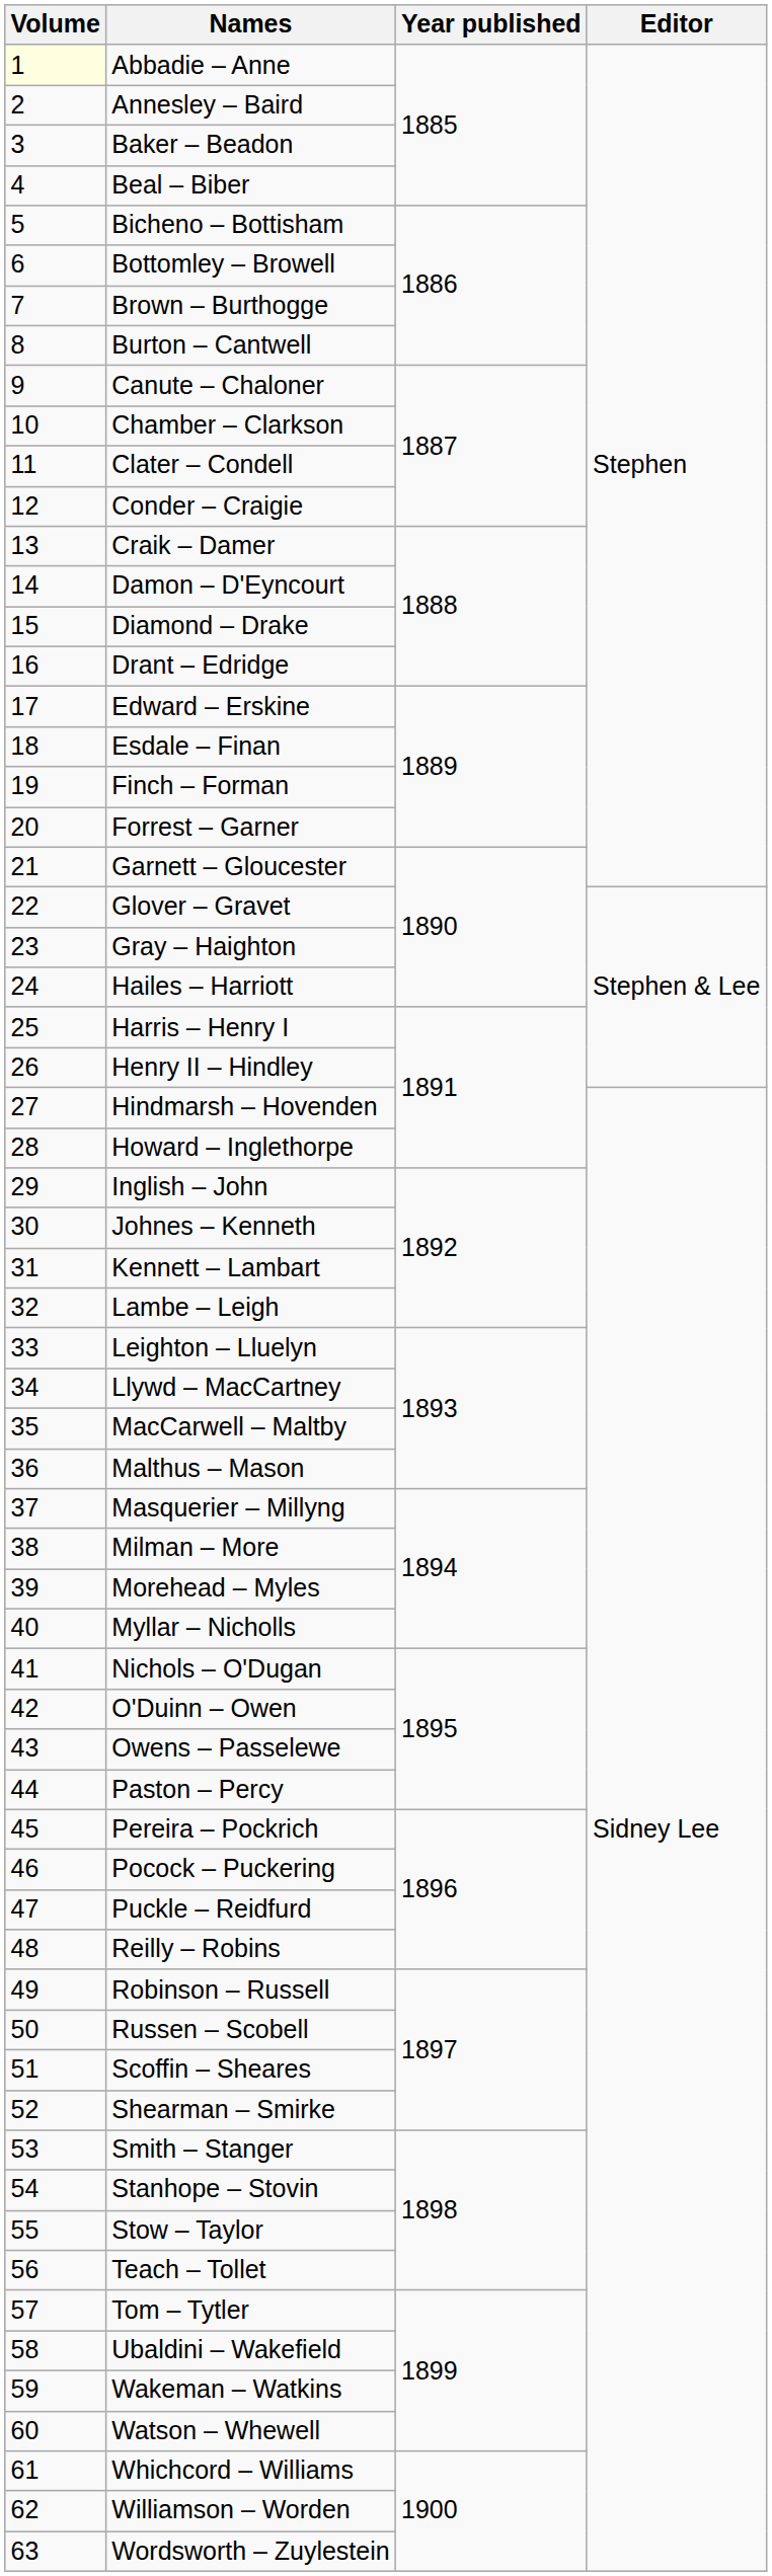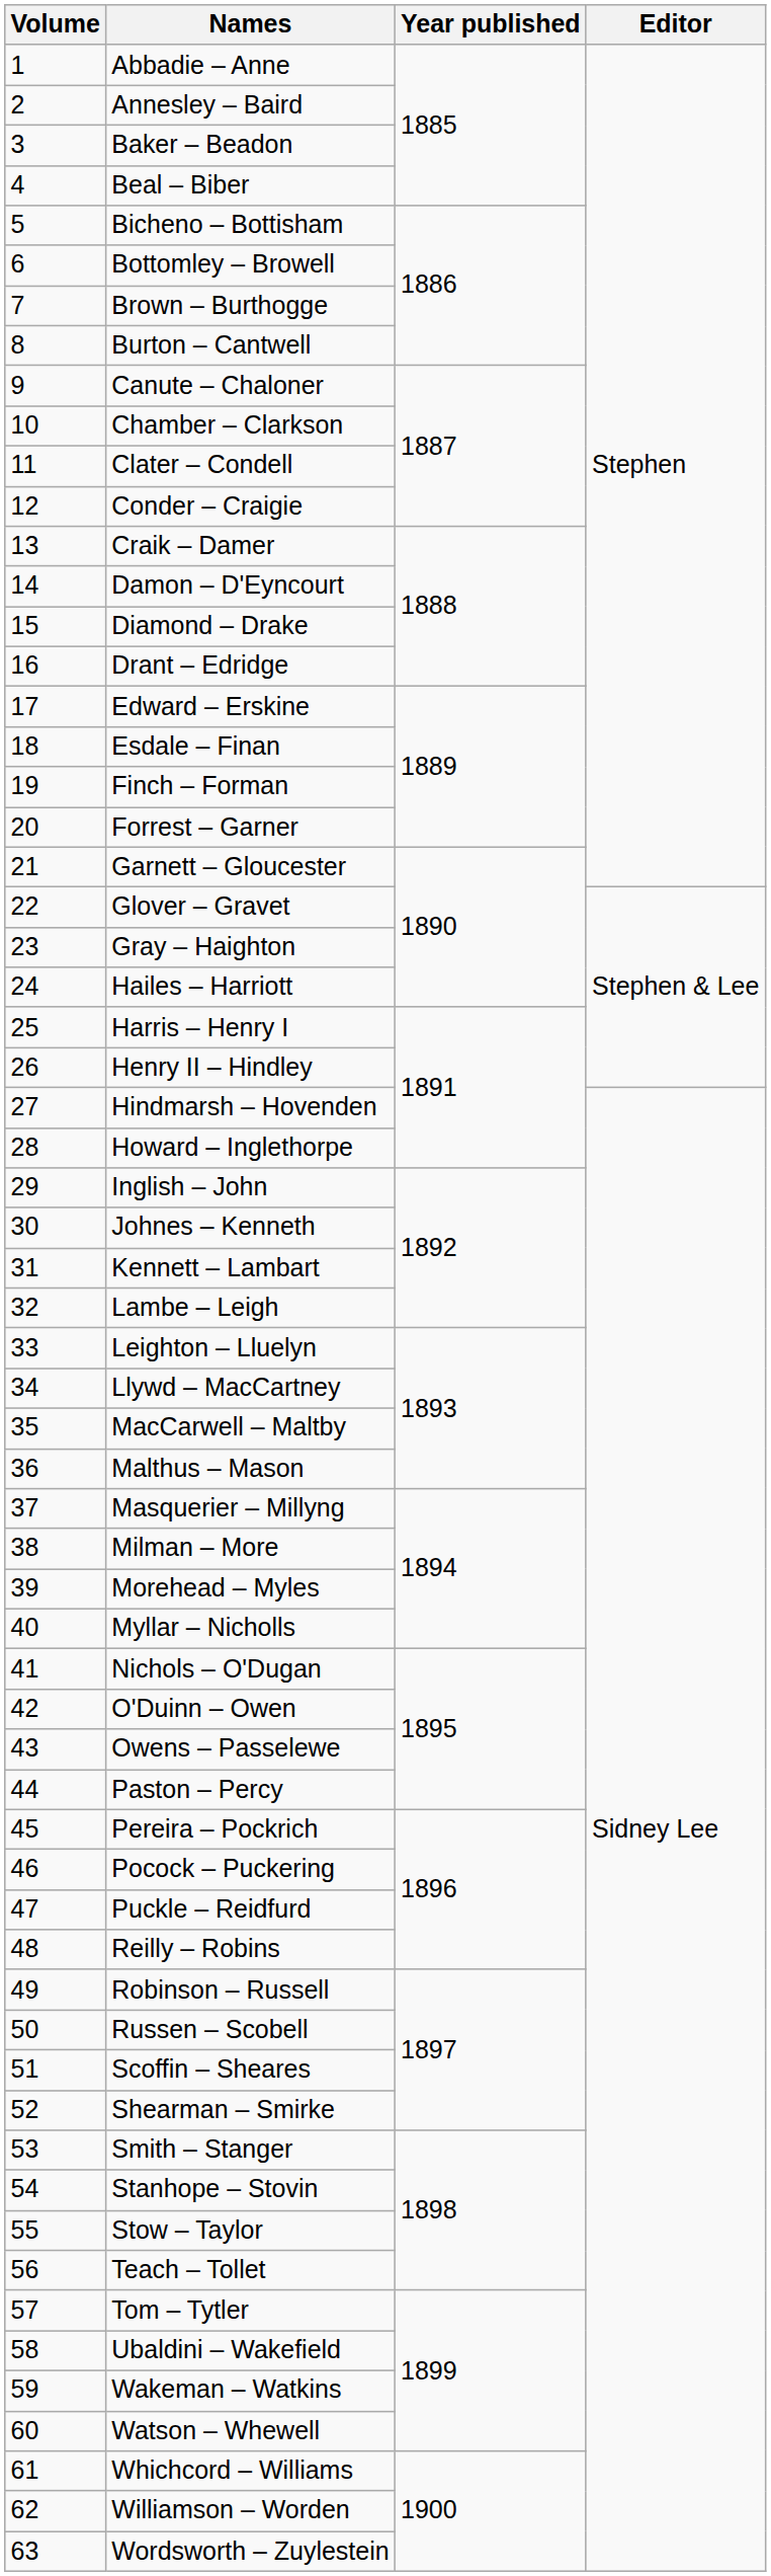 <table class="wikitable">
 <tr>
 <th>Volume</th>
 <th>Names</th>
 <th>Year published</th>
 <th>Editor</th>
 </tr>
 <tr>
-<td style="background: lightyellow;">1</td>
+<td>1</td>
 <td>Abbadie – Anne</td>
 <td rowspan="4">1885</td>
 <td rowspan="21">Stephen</td>
 </tr>
 <tr>
 <td>2</td>
 <td>Annesley – Baird</td>
 </tr>
 <tr>
 <td>3</td>
 <td>Baker – Beadon</td>
 </tr>
 <tr>
 <td>4</td>
 <td>Beal – Biber</td>
 </tr>
 <tr>
 <td>5</td>
 <td>Bicheno – Bottisham</td>
 <td rowspan="4">1886</td>
 </tr>
 <tr>
 <td>6</td>
 <td>Bottomley – Browell</td>
 </tr>
 <tr>
 <td>7</td>
 <td>Brown – Burthogge</td>
 </tr>
 <tr>
 <td>8</td>
 <td>Burton – Cantwell</td>
 </tr>
 <tr>
 <td>9</td>
 <td>Canute – Chaloner</td>
 <td rowspan="4">1887</td>
 </tr>
 <tr>
 <td>10</td>
 <td>Chamber – Clarkson</td>
 </tr>
 <tr>
 <td>11</td>
 <td>Clater – Condell</td>
 </tr>
 <tr>
 <td>12</td>
 <td>Conder – Craigie</td>
 </tr>
 <tr>
 <td>13</td>
 <td>Craik – Damer</td>
 <td rowspan="4">1888</td>
 </tr>
 <tr>
 <td>14</td>
 <td>Damon – D'Eyncourt</td>
 </tr>
 <tr>
 <td>15</td>
 <td>Diamond – Drake</td>
 </tr>
 <tr>
 <td>16</td>
 <td>Drant – Edridge</td>
 </tr>
 <tr>
 <td>17</td>
 <td>Edward – Erskine</td>
 <td rowspan="4">1889</td>
 </tr>
 <tr>
 <td>18</td>
 <td>Esdale – Finan</td>
 </tr>
 <tr>
 <td>19</td>
 <td>Finch – Forman</td>
 </tr>
 <tr>
 <td>20</td>
 <td>Forrest – Garner</td>
 </tr>
 <tr>
 <td>21</td>
 <td>Garnett – Gloucester</td>
 <td rowspan="4">1890</td>
 </tr>
 <tr>
 <td>22</td>
 <td>Glover – Gravet</td>
 <td rowspan="5">Stephen & Lee</td>
 </tr>
 <tr>
 <td>23</td>
 <td>Gray – Haighton</td>
 </tr>
 <tr>
 <td>24</td>
 <td>Hailes – Harriott</td>
 </tr>
 <tr>
 <td>25</td>
 <td>Harris – Henry I</td>
 <td rowspan="4">1891</td>
 </tr>
 <tr>
 <td>26</td>
 <td>Henry II – Hindley</td>
 </tr>
 <tr>
 <td>27</td>
 <td>Hindmarsh – Hovenden</td>
 <td rowspan="37">Sidney Lee</td>
 </tr>
 <tr>
 <td>28</td>
 <td>Howard – Inglethorpe</td>
 </tr>
 <tr>
 <td>29</td>
 <td>Inglish – John</td>
 <td rowspan="4">1892</td>
 </tr>
 <tr>
 <td>30</td>
 <td>Johnes – Kenneth</td>
 </tr>
 <tr>
 <td>31</td>
 <td>Kennett – Lambart</td>
 </tr>
 <tr>
 <td>32</td>
 <td>Lambe – Leigh</td>
 </tr>
 <tr>
 <td>33</td>
 <td>Leighton – Lluelyn</td>
 <td rowspan="4">1893</td>
 </tr>
 <tr>
 <td>34</td>
 <td>Llywd – MacCartney</td>
 </tr>
 <tr>
 <td>35</td>
 <td>MacCarwell – Maltby</td>
 </tr>
 <tr>
 <td>36</td>
 <td>Malthus – Mason</td>
 </tr>
 <tr>
 <td>37</td>
 <td>Masquerier – Millyng</td>
 <td rowspan="4">1894</td>
 </tr>
 <tr>
 <td>38</td>
 <td>Milman – More</td>
 </tr>
 <tr>
 <td>39</td>
 <td>Morehead – Myles</td>
 </tr>
 <tr>
 <td>40</td>
 <td>Myllar – Nicholls</td>
 </tr>
 <tr>
 <td>41</td>
 <td>Nichols – O'Dugan</td>
 <td rowspan="4">1895</td>
 </tr>
 <tr>
 <td>42</td>
 <td>O'Duinn – Owen</td>
 </tr>
 <tr>
 <td>43</td>
 <td>Owens – Passelewe</td>
 </tr>
 <tr>
 <td>44</td>
 <td>Paston – Percy</td>
 </tr>
 <tr>
 <td>45</td>
 <td>Pereira – Pockrich</td>
 <td rowspan="4">1896</td>
 </tr>
 <tr>
 <td>46</td>
 <td>Pocock – Puckering</td>
 </tr>
 <tr>
 <td>47</td>
 <td>Puckle – Reidfurd</td>
 </tr>
 <tr>
 <td>48</td>
 <td>Reilly – Robins</td>
 </tr>
 <tr>
 <td>49</td>
 <td>Robinson – Russell</td>
 <td rowspan="4">1897</td>
 </tr>
 <tr>
 <td>50</td>
 <td>Russen – Scobell</td>
 </tr>
 <tr>
 <td>51</td>
 <td>Scoffin – Sheares</td>
 </tr>
 <tr>
 <td>52</td>
 <td>Shearman – Smirke</td>
 </tr>
 <tr>
 <td>53</td>
 <td>Smith – Stanger</td>
 <td rowspan="4">1898</td>
 </tr>
 <tr>
 <td>54</td>
 <td>Stanhope – Stovin</td>
 </tr>
 <tr>
 <td>55</td>
 <td>Stow – Taylor</td>
 </tr>
 <tr>
 <td>56</td>
 <td>Teach – Tollet</td>
 </tr>
 <tr>
 <td>57</td>
 <td>Tom – Tytler</td>
 <td rowspan="4">1899</td>
 </tr>
 <tr>
 <td>58</td>
 <td>Ubaldini – Wakefield</td>
 </tr>
 <tr>
 <td>59</td>
 <td>Wakeman – Watkins</td>
 </tr>
 <tr>
 <td>60</td>
 <td>Watson – Whewell</td>
 </tr>
 <tr>
 <td>61</td>
 <td>Whichcord – Williams</td>
 <td rowspan="3">1900</td>
 </tr>
 <tr>
 <td>62</td>
 <td>Williamson – Worden</td>
 </tr>
 <tr>
 <td>63</td>
 <td>Wordsworth – Zuylestein</td>
 </tr>
 </table>
